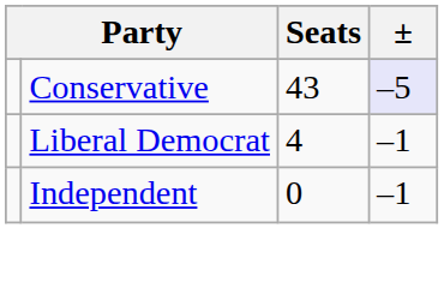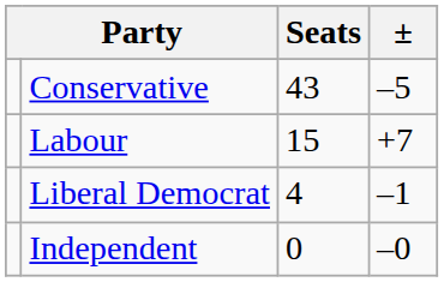 <table class="wikitable">
 <tr>
 <th colspan="2">Party</th>
 <th>Seats</th>
 <th>  ±  </th>
 </tr>
 <tr>
 <td style="background-color: "></td>
 <td><a href='#'>Conservative</a></td>
 <td>43</td>
-<td style="background: lavender;">–5</td>
+<td>–5</td>
+</tr>
+<tr>
+<td style="background-color: "></td>
+<td><a href='#'>Labour</a></td>
+<td>15</td>
+<td>+7</td>
 </tr>
 <tr>
 <td style="background-color: "></td>
 <td><a href='#'>Liberal Democrat</a></td>
 <td>4</td>
 <td>–1</td>
 </tr>
 <tr>
 <td style="background-color: "></td>
 <td><a href='#'>Independent</a></td>
 <td>0</td>
-<td>–1</td>
+<td>–0</td>
 </tr>
 </table>
